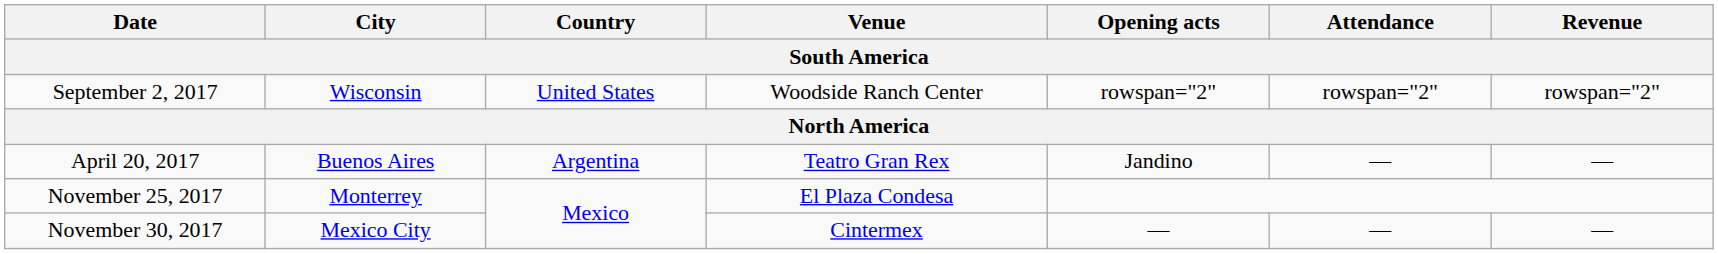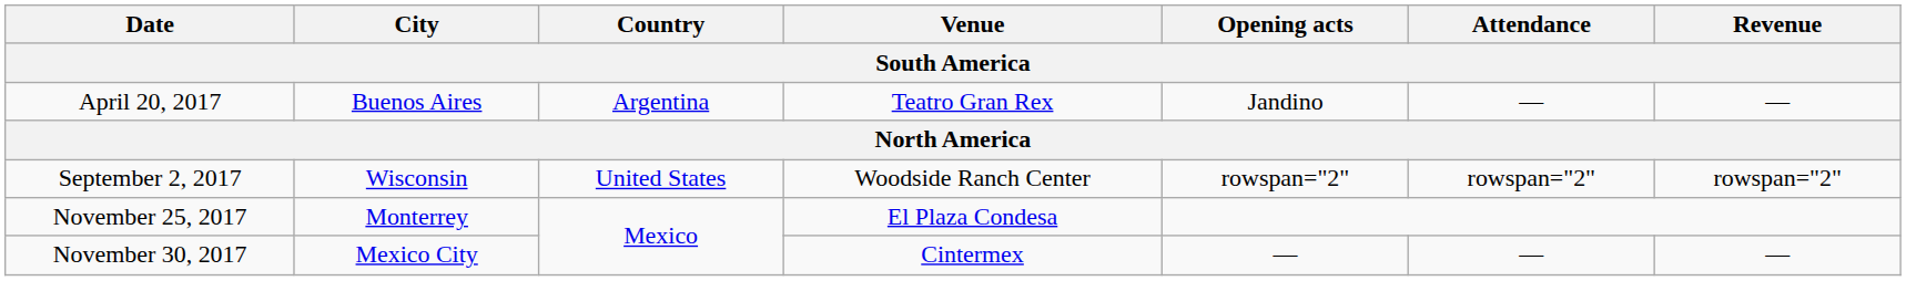 <table class="wikitable plainrowheaders" style="text-align:center;">
 <tr>
 <th scope="col" style="width:12em;">Date</th>
 <th scope="col" style="width:10em;">City</th>
 <th scope="col" style="width:10em;">Country</th>
 <th scope="col" style="width:16em;">Venue</th>
 <th scope="col" style="width:10em;">Opening acts</th>
 <th scope="col" style="width:10em;">Attendance</th>
 <th scope="col" style="width:10em;">Revenue</th>
 </tr>
 <tr>
 <th colspan="7">South America</th>
 </tr>
 <tr>
+<td>April 20, 2017</td>
+<td><a href='#'>Buenos Aires</a></td>
+<td><a href='#'>Argentina</a></td>
+<td><a href='#'>Teatro Gran Rex</a></td>
+<td>Jandino</td>
+<td>—</td>
+<td>—</td>
+</tr>
+<tr>
+<th colspan="7">North America</th>
+</tr>
+<tr>
 <td>September 2, 2017</td>
 <td><a href='#'>Wisconsin</a></td>
 <td><a href='#'>United States</a></td>
 <td>Woodside Ranch Center</td>
 <td>rowspan="2" </td>
 <td>rowspan="2" </td>
 <td>rowspan="2" </td>
-</tr>
-<tr>
-<th colspan="7">North America</th>
-</tr>
-<tr>
-<td>April 20, 2017</td>
-<td><a href='#'>Buenos Aires</a></td>
-<td><a href='#'>Argentina</a></td>
-<td><a href='#'>Teatro Gran Rex</a></td>
-<td>Jandino</td>
-<td>—</td>
-<td>—</td>
 </tr>
 <tr>
 <td>November 25, 2017</td>
 <td><a href='#'>Monterrey</a></td>
 <td rowspan="2"><a href='#'>Mexico</a></td>
 <td><a href='#'>El Plaza Condesa</a></td>
 </tr>
 <tr>
 <td>November 30, 2017</td>
 <td><a href='#'>Mexico City</a></td>
 <td><a href='#'>Cintermex</a></td>
 <td>—</td>
 <td>—</td>
 <td>—</td>
 </tr>
 </table>
